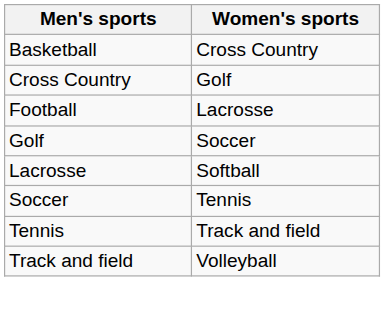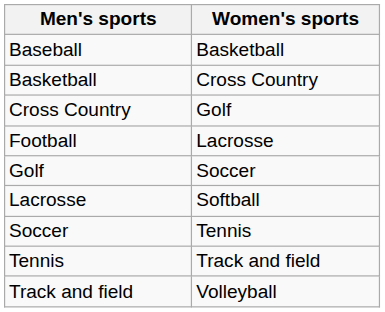 <table class="wikitable"; style= "text-align: ">
 <tr>
 <th width=150px>Men's sports</th>
 <th width=150px>Women's sports</th>
+</tr>
+<tr>
+<td>Baseball</td>
+<td>Basketball</td>
 </tr>
 <tr>
 <td>Basketball</td>
 <td>Cross Country</td>
 </tr>
 <tr>
 <td>Cross Country</td>
 <td>Golf</td>
 </tr>
 <tr>
 <td>Football</td>
 <td>Lacrosse</td>
 </tr>
 <tr>
 <td>Golf</td>
 <td>Soccer</td>
 </tr>
 <tr>
 <td>Lacrosse</td>
 <td>Softball</td>
 </tr>
 <tr>
 <td>Soccer</td>
 <td>Tennis</td>
 </tr>
 <tr>
 <td>Tennis</td>
 <td>Track and field</td>
 </tr>
 <tr>
 <td>Track and field</td>
 <td>Volleyball</td>
 </tr>
 </table>
